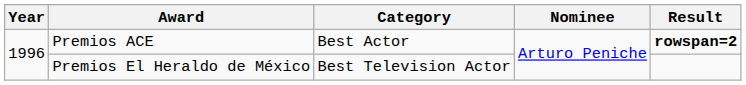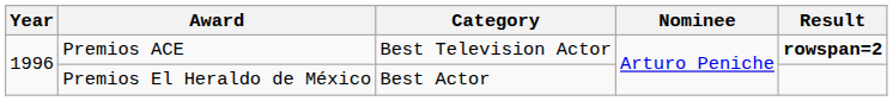 <table class="wikitable">
 <tr style="background:#b0c4de;">
 <th>Year</th>
 <th>Award</th>
 <th>Category</th>
 <th>Nominee</th>
 <th>Result</th>
 </tr>
 <tr>
 <td rowspan=2>1996</td>
 <td>Premios ACE</td>
-<td>Best Actor</td>
+<td>Best Television Actor</td>
 <td rowspan=2><a href='#'>Arturo Peniche</a></td>
 <td><strong>rowspan=2 </strong></td>
 </tr>
 <tr>
 <td>Premios El Heraldo de México</td>
-<td>Best Television Actor</td>
+<td>Best Actor</td>
 </tr>
 </table>
